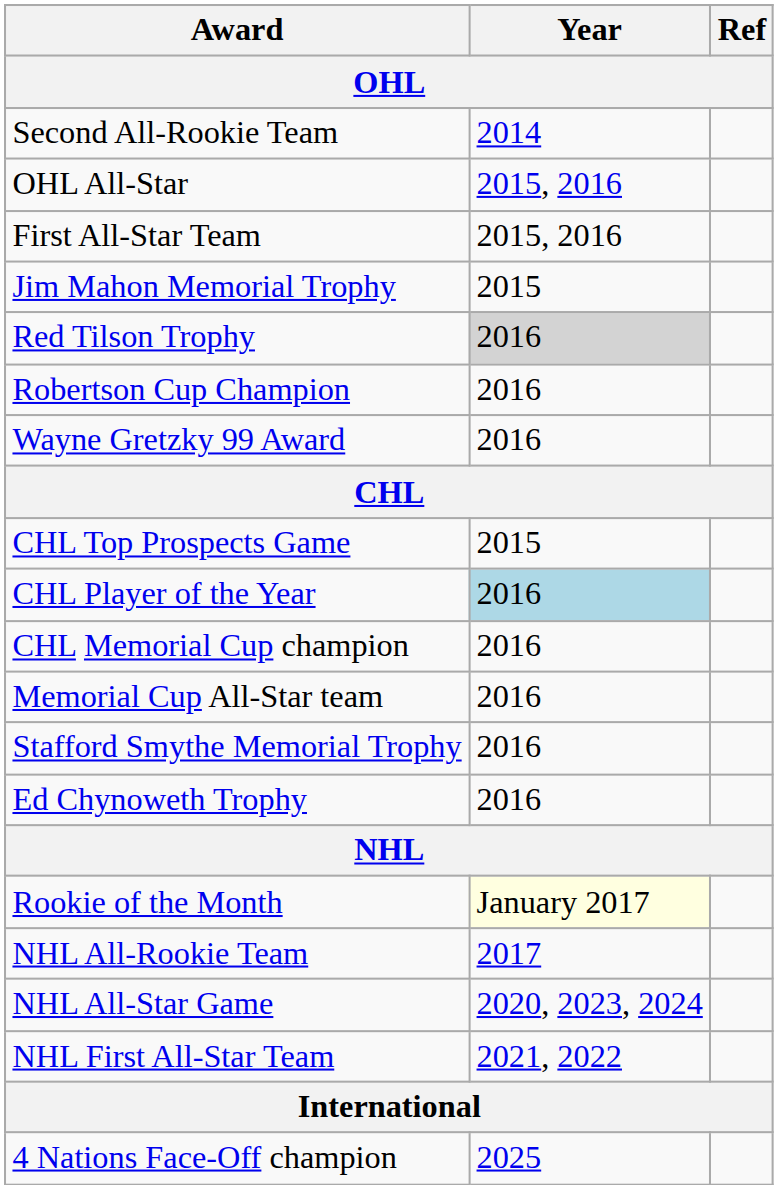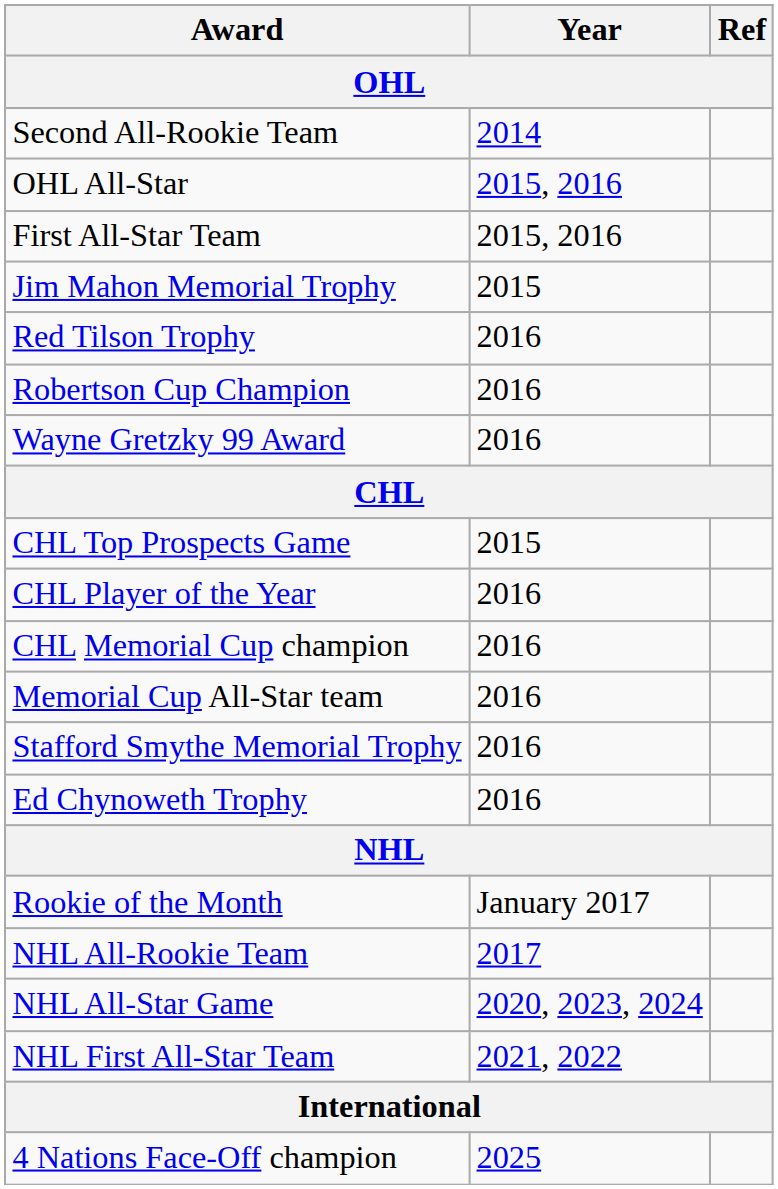 <table class="wikitable">
 <tr>
 <th>Award</th>
 <th>Year</th>
 <th>Ref</th>
 </tr>
 <tr ALIGN="center" bgcolor="#e0e0e0">
 <th colspan="3"><a href='#'>OHL</a></th>
 </tr>
 <tr>
 <td>Second All-Rookie Team</td>
 <td><a href='#'>2014</a></td>
 <td></td>
 </tr>
 <tr>
 <td>OHL All-Star</td>
 <td><a href='#'>2015</a>, <a href='#'>2016</a></td>
 <td></td>
 </tr>
 <tr>
 <td>First All-Star Team</td>
 <td>2015, 2016</td>
 <td></td>
 </tr>
 <tr>
 <td><a href='#'>Jim Mahon Memorial Trophy</a></td>
 <td>2015</td>
 <td></td>
 </tr>
 <tr>
 <td><a href='#'>Red Tilson Trophy</a></td>
-<td style="background: lightgrey;">2016</td>
+<td>2016</td>
 <td></td>
 </tr>
 <tr>
 <td><a href='#'>Robertson Cup Champion</a></td>
 <td>2016</td>
 <td></td>
 </tr>
 <tr>
 <td><a href='#'>Wayne Gretzky 99 Award</a></td>
 <td>2016</td>
 <td></td>
 </tr>
 <tr ALIGN="center" bgcolor="#e0e0e0">
 <th colspan="3"><a href='#'>CHL</a></th>
 </tr>
 <tr>
 <td><a href='#'>CHL Top Prospects Game</a></td>
 <td>2015</td>
 <td></td>
 </tr>
 <tr>
 <td><a href='#'>CHL Player of the Year</a></td>
-<td style="background: lightblue;">2016</td>
+<td>2016</td>
 <td></td>
 </tr>
 <tr>
 <td><a href='#'>CHL</a> <a href='#'>Memorial Cup</a> champion</td>
 <td>2016</td>
 <td></td>
 </tr>
 <tr>
 <td><a href='#'>Memorial Cup</a> All-Star team</td>
 <td>2016</td>
 <td></td>
 </tr>
 <tr>
 <td><a href='#'>Stafford Smythe Memorial Trophy</a></td>
 <td>2016</td>
 <td></td>
 </tr>
 <tr>
 <td><a href='#'>Ed Chynoweth Trophy</a></td>
 <td>2016</td>
 <td></td>
 </tr>
 <tr ALIGN="center" bgcolor="#e0e0e0">
 <th colspan="3"><a href='#'>NHL</a></th>
 </tr>
 <tr>
 <td><a href='#'>Rookie of the Month</a></td>
-<td style="background: lightyellow;">January 2017</td>
+<td>January 2017</td>
 <td></td>
 </tr>
 <tr>
 <td><a href='#'>NHL All-Rookie Team</a></td>
 <td><a href='#'>2017</a></td>
 <td></td>
 </tr>
 <tr>
 <td><a href='#'>NHL All-Star Game</a></td>
 <td><a href='#'>2020</a>,  <a href='#'>2023</a>,  <a href='#'>2024</a></td>
 <td></td>
 </tr>
 <tr>
 <td><a href='#'>NHL First All-Star Team</a></td>
 <td><a href='#'>2021</a>, <a href='#'>2022</a></td>
 <td></td>
 </tr>
 <tr>
 <th colspan="3">International</th>
 </tr>
 <tr>
 <td><a href='#'>4 Nations Face-Off</a> champion</td>
 <td><a href='#'>2025</a></td>
 <td></td>
 </tr>
 </table>
